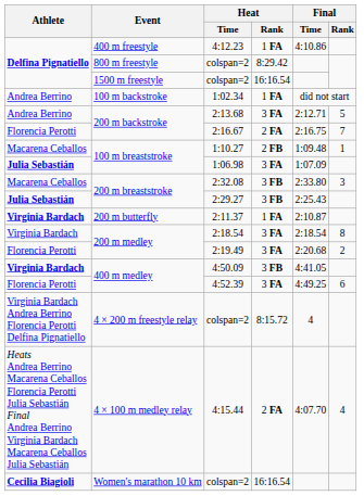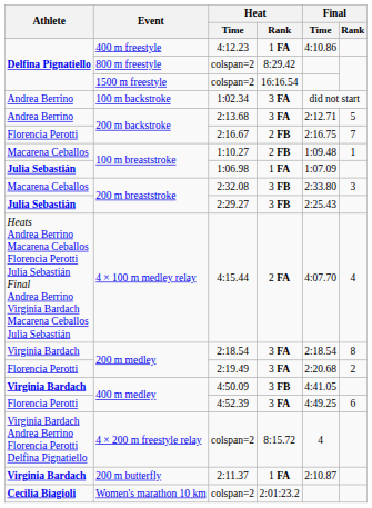 <table class="wikitable" style="font-size:90%;text-align:center">
 <tr>
 <th rowspan="2">Athlete</th>
 <th rowspan="2">Event</th>
 <th colspan="2">Heat</th>
 <th colspan="2">Final</th>
 </tr>
 <tr style="font-size:95%">
 <th>Time</th>
 <th>Rank</th>
 <th>Time</th>
 <th>Rank</th>
 </tr>
 <tr>
 <td style="text-align:left" rowspan=3><strong><a href='#'>Delfina Pignatiello</a></strong></td>
 <td style="text-align:left"><a href='#'>400 m freestyle</a></td>
 <td>4:12.23</td>
 <td>1 <strong>FA</strong></td>
 <td>4:10.86</td>
 <td></td>
 </tr>
 <tr>
 <td style="text-align:left"><a href='#'>800 m freestyle</a></td>
 <td>colspan=2 </td>
 <td>8:29.42</td>
 <td></td>
 </tr>
 <tr>
 <td style="text-align:left"><a href='#'>1500 m freestyle</a></td>
 <td>colspan=2 </td>
 <td>16:16.54</td>
 <td></td>
 </tr>
 <tr>
 <td style="text-align:left"><a href='#'>Andrea Berrino</a></td>
 <td style="text-align:left"><a href='#'>100 m backstroke</a></td>
 <td>1:02.34</td>
-<td>1 <strong>FA</strong></td>
+<td>3 <strong>FA</strong></td>
 <td colspan=2>did not start</td>
 </tr>
 <tr>
 <td style="text-align:left"><a href='#'>Andrea Berrino</a></td>
 <td style="text-align:left" rowspan=2><a href='#'>200 m backstroke</a></td>
 <td>2:13.68</td>
 <td>3 <strong>FA</strong></td>
 <td>2:12.71</td>
 <td>5</td>
 </tr>
 <tr>
 <td style="text-align:left"><a href='#'>Florencia Perotti</a></td>
 <td>2:16.67</td>
-<td>2 <strong>FA</strong></td>
+<td>2 <strong>FB</strong></td>
 <td>2:16.75</td>
 <td>7</td>
 </tr>
 <tr>
 <td style="text-align:left"><a href='#'>Macarena Ceballos</a></td>
 <td style="text-align:left" rowspan=2><a href='#'>100 m breaststroke</a></td>
 <td>1:10.27</td>
 <td>2 <strong>FB</strong></td>
 <td>1:09.48</td>
 <td>1</td>
 </tr>
 <tr>
 <td style="text-align:left"><strong><a href='#'>Julia Sebastián</a></strong></td>
 <td>1:06.98</td>
-<td>3 <strong>FA</strong></td>
+<td>1 <strong>FA</strong></td>
 <td>1:07.09</td>
 <td></td>
 </tr>
 <tr>
 <td style="text-align:left"><a href='#'>Macarena Ceballos</a></td>
 <td style="text-align:left" rowspan=2><a href='#'>200 m breaststroke</a></td>
 <td>2:32.08</td>
 <td>3 <strong>FB</strong></td>
 <td>2:33.80</td>
 <td>3</td>
 </tr>
 <tr>
 <td style="text-align:left"><strong><a href='#'>Julia Sebastián</a></strong></td>
 <td>2:29.27</td>
 <td>3 <strong>FB</strong></td>
 <td>2:25.43</td>
 <td></td>
 </tr>
 <tr>
-<td style="text-align:left"><strong><a href='#'>Virginia Bardach</a></strong></td>
-<td style="text-align:left"><a href='#'>200 m butterfly</a></td>
-<td>2:11.37</td>
-<td>1 <strong>FA</strong></td>
-<td>2:10.87</td>
-<td></td>
+<td style="text-align:left"><em>Heats</em><br><a href='#'>Andrea Berrino</a><br><a href='#'>Macarena Ceballos</a><br><a href='#'>Florencia Perotti</a><br><a href='#'>Julia Sebastián</a><br><em>Final</em><br><a href='#'>Andrea Berrino</a><br><a href='#'>Virginia Bardach</a><br><a href='#'>Macarena Ceballos</a><br><a href='#'>Julia Sebastián</a></td>
+<td style="text-align:left"><a href='#'>4 × 100 m medley relay</a></td>
+<td>4:15.44</td>
+<td>2 <strong>FA</strong></td>
+<td>4:07.70</td>
+<td>4</td>
 </tr>
 <tr>
 <td style="text-align:left"><a href='#'>Virginia Bardach</a></td>
 <td style="text-align:left" rowspan=2><a href='#'>200 m medley</a></td>
 <td>2:18.54</td>
 <td>3 <strong>FA</strong></td>
 <td>2:18.54</td>
 <td>8</td>
 </tr>
 <tr>
 <td style="text-align:left"><a href='#'>Florencia Perotti</a></td>
 <td>2:19.49</td>
 <td>3 <strong>FA</strong></td>
 <td>2:20.68</td>
 <td>2</td>
 </tr>
 <tr>
 <td style="text-align:left"><strong><a href='#'>Virginia Bardach</a></strong></td>
 <td style="text-align:left" rowspan=2><a href='#'>400 m medley</a></td>
 <td>4:50.09</td>
 <td>3 <strong>FB</strong></td>
 <td>4:41.05</td>
 <td></td>
 </tr>
 <tr>
 <td style="text-align:left"><a href='#'>Florencia Perotti</a></td>
 <td>4:52.39</td>
 <td>3 <strong>FA</strong></td>
 <td>4:49.25</td>
 <td>6</td>
 </tr>
 <tr>
 <td style="text-align:left"><a href='#'>Virginia Bardach</a><br><a href='#'>Andrea Berrino</a><br><a href='#'>Florencia Perotti</a><br><a href='#'>Delfina Pignatiello</a></td>
 <td style="text-align:left"><a href='#'>4 × 200 m freestyle relay</a></td>
 <td>colspan=2 </td>
 <td>8:15.72</td>
 <td>4</td>
 </tr>
 <tr>
-<td style="text-align:left"><em>Heats</em><br><a href='#'>Andrea Berrino</a><br><a href='#'>Macarena Ceballos</a><br><a href='#'>Florencia Perotti</a><br><a href='#'>Julia Sebastián</a><br><em>Final</em><br><a href='#'>Andrea Berrino</a><br><a href='#'>Virginia Bardach</a><br><a href='#'>Macarena Ceballos</a><br><a href='#'>Julia Sebastián</a></td>
-<td style="text-align:left"><a href='#'>4 × 100 m medley relay</a></td>
-<td>4:15.44</td>
-<td>2 <strong>FA</strong></td>
-<td>4:07.70</td>
-<td>4</td>
+<td style="text-align:left"><strong><a href='#'>Virginia Bardach</a></strong></td>
+<td style="text-align:left"><a href='#'>200 m butterfly</a></td>
+<td>2:11.37</td>
+<td>1 <strong>FA</strong></td>
+<td>2:10.87</td>
+<td></td>
 </tr>
 <tr>
 <td style="text-align:left"><strong><a href='#'>Cecilia Biagioli</a></strong></td>
 <td style="text-align:left"><a href='#'>Women's marathon 10 km</a></td>
 <td>colspan=2 </td>
-<td>16:16.54</td>
+<td>2:01:23.2</td>
 <td></td>
 </tr>
 </table>
